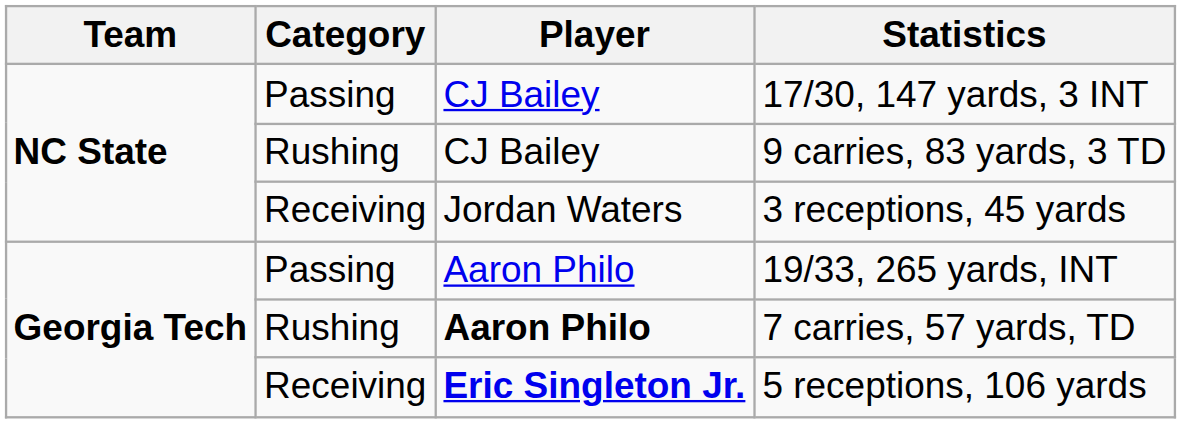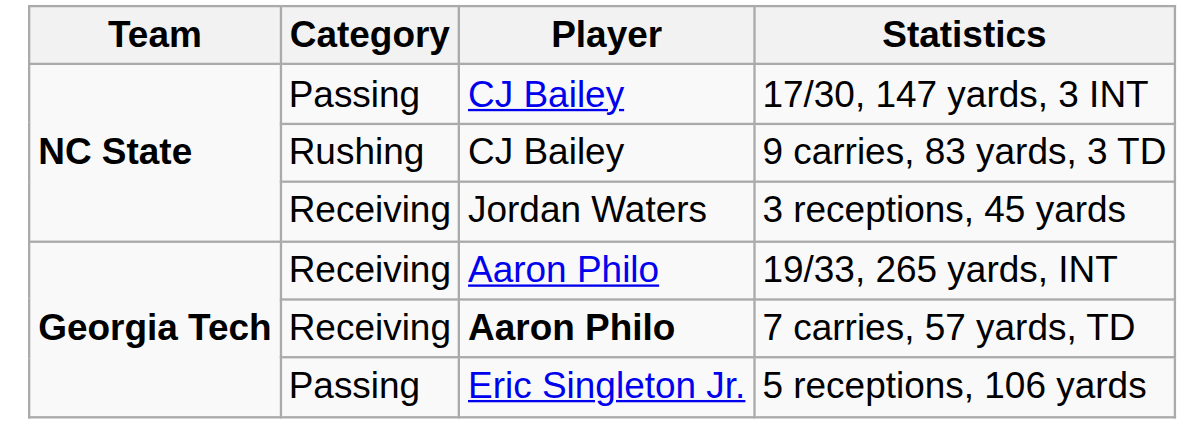 <table class="wikitable" style="float: right;">
 <tr>
 <th>Team</th>
 <th>Category</th>
 <th>Player</th>
 <th>Statistics</th>
 </tr>
 <tr>
 <td rowspan=3><strong>NC State</strong></td>
 <td>Passing</td>
 <td><a href='#'>CJ Bailey</a></td>
 <td>17/30, 147 yards, 3 INT</td>
 </tr>
 <tr>
 <td>Rushing</td>
 <td>CJ Bailey</td>
 <td>9 carries, 83 yards, 3 TD</td>
 </tr>
 <tr>
 <td>Receiving</td>
 <td>Jordan Waters</td>
 <td>3 receptions, 45 yards</td>
 </tr>
 <tr>
 <td rowspan=3><strong>Georgia Tech</strong></td>
-<td>Passing</td>
+<td>Receiving</td>
 <td><a href='#'>Aaron Philo</a></td>
 <td>19/33, 265 yards, INT</td>
 </tr>
 <tr>
-<td>Rushing</td>
+<td>Receiving</td>
 <td><strong>Aaron Philo</strong></td>
 <td>7 carries, 57 yards, TD</td>
 </tr>
 <tr>
-<td>Receiving</td>
-<td><strong><a href='#'>Eric Singleton Jr.</a></strong></td>
+<td>Passing</td>
+<td><a href='#'>Eric Singleton Jr.</a></td>
 <td>5 receptions, 106 yards</td>
 </tr>
 </table>
